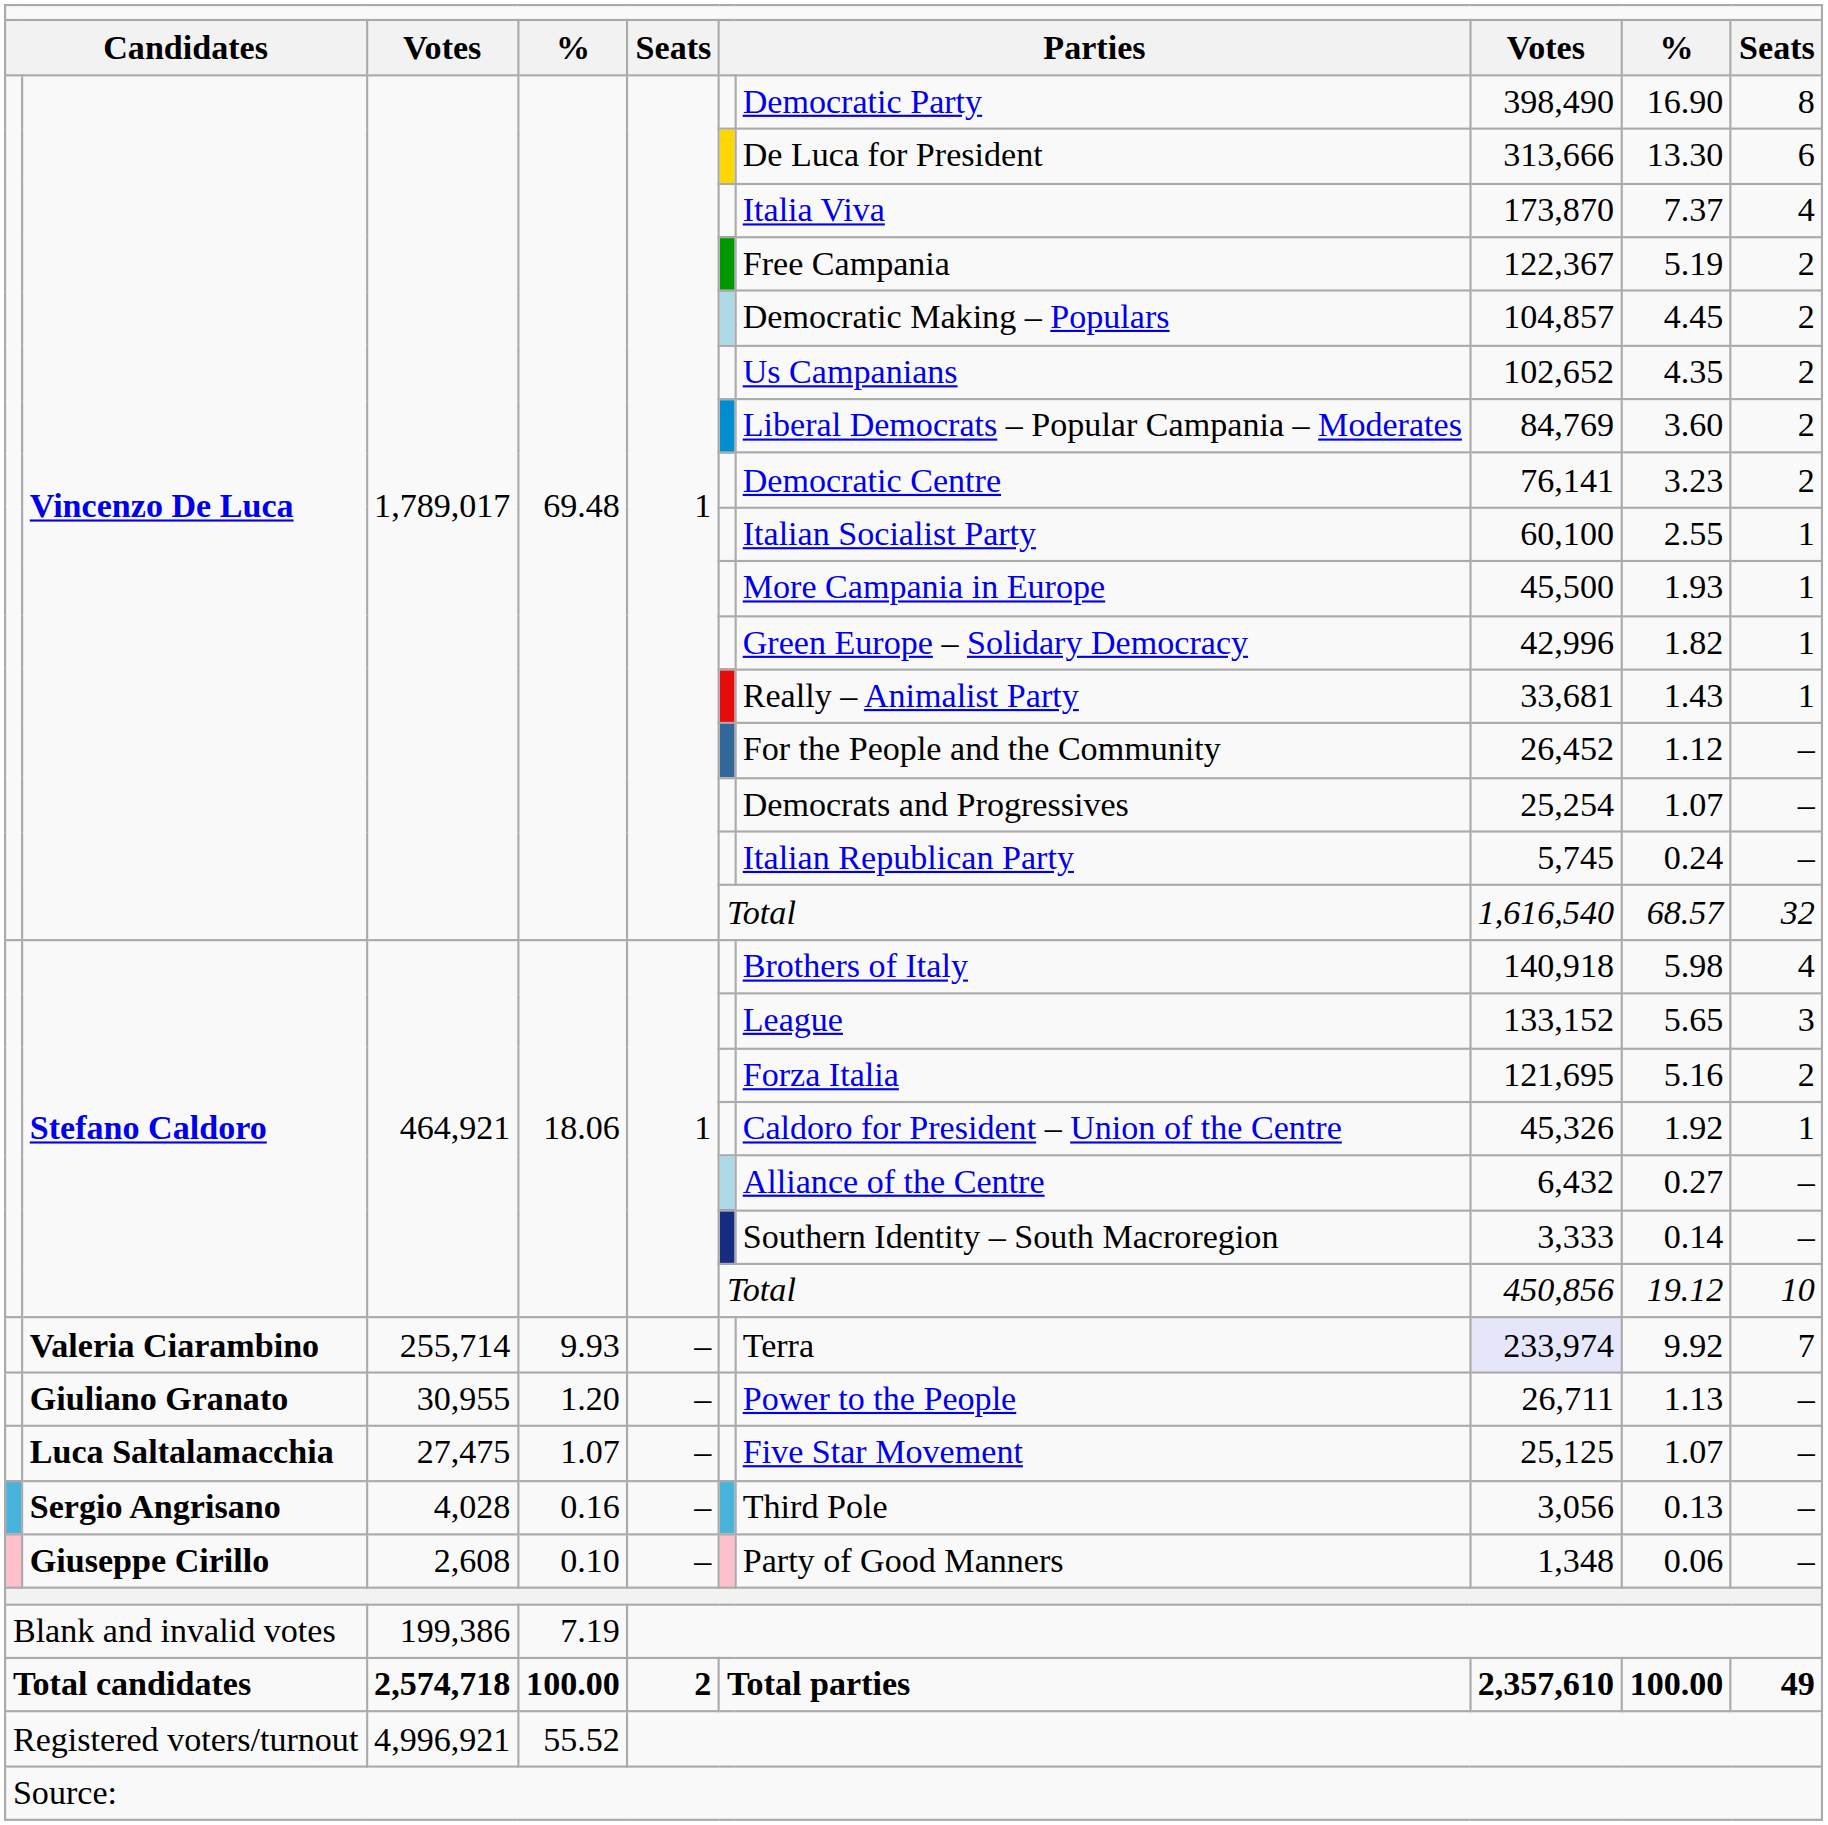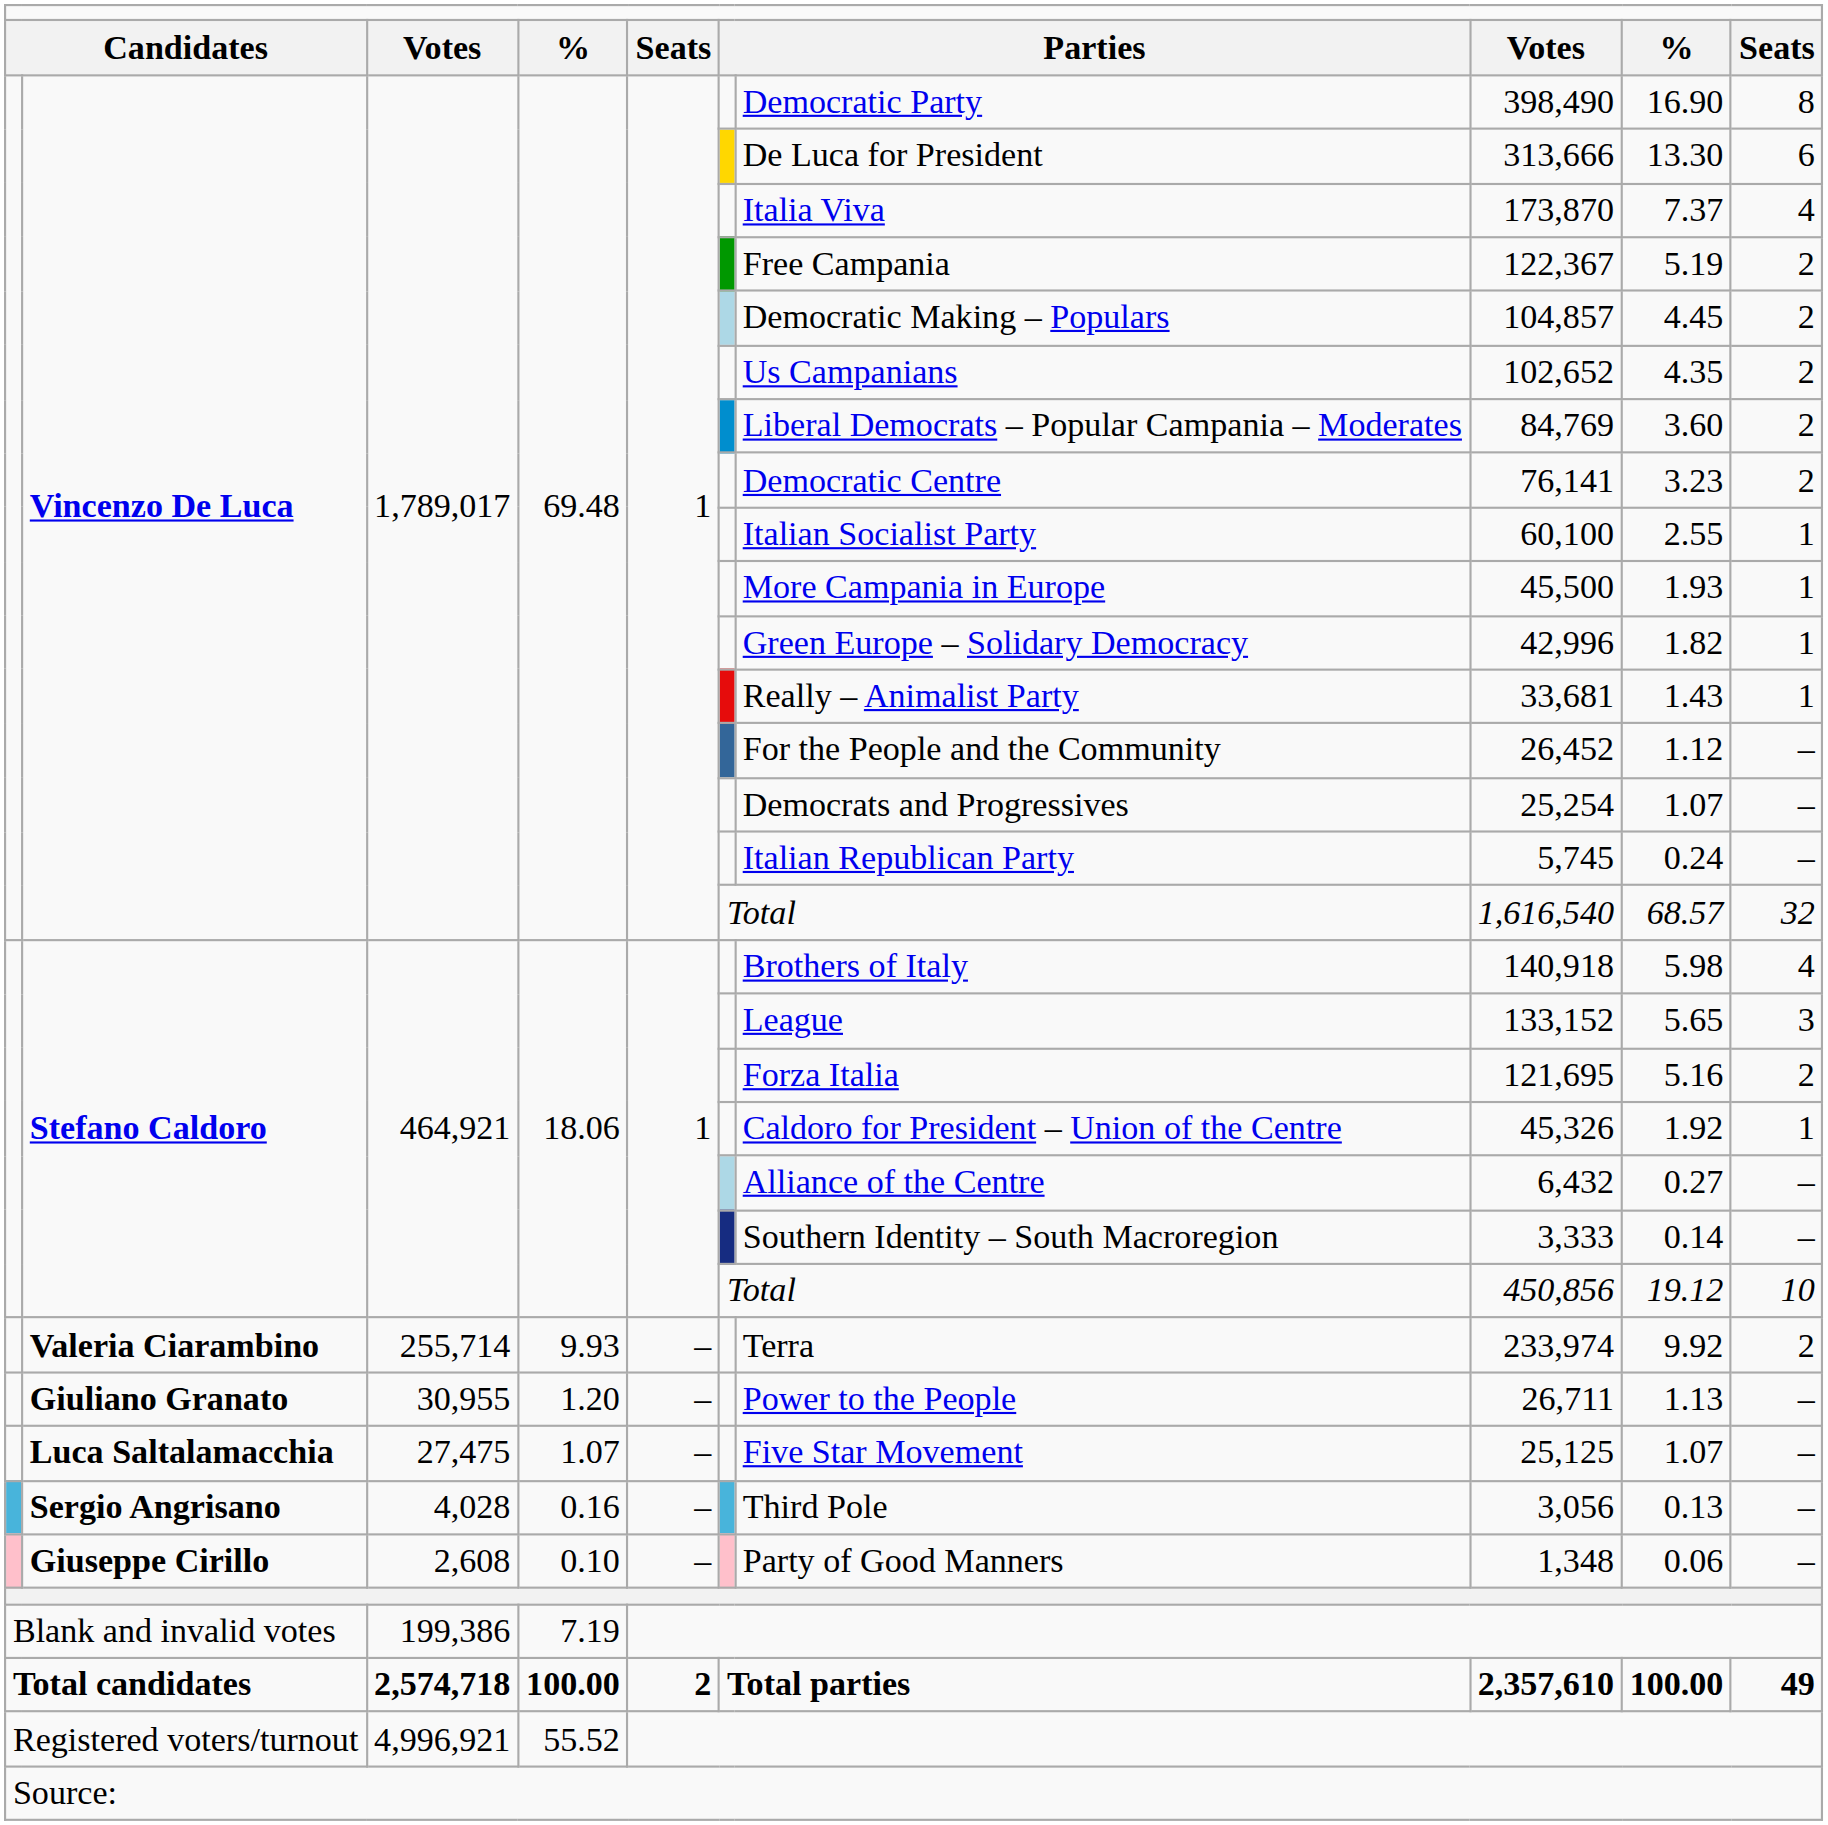 <table class="wikitable">
 <tr>
 <td colspan="10"></td>
 </tr>
 <tr>
 <th colspan="2">Candidates</th>
 <th>Votes</th>
 <th>%</th>
 <th>Seats</th>
 <th colspan="2">Parties</th>
 <th>Votes</th>
 <th>%</th>
 <th>Seats</th>
 </tr>
 <tr>
 <td rowspan="16"></td>
 <td rowspan="16"><strong><a href='#'>Vincenzo De Luca</a></strong></td>
 <td rowspan="16" align=right>1,789,017</td>
 <td rowspan="16" align=right>69.48</td>
 <td rowspan="16" align=right>1</td>
 <td></td>
 <td><a href='#'>Democratic Party</a></td>
 <td align=right>398,490</td>
 <td align=right>16.90</td>
 <td align=right>8</td>
 </tr>
 <tr>
 <td bgcolor="gold"></td>
 <td>De Luca for President</td>
 <td align=right>313,666</td>
 <td align=right>13.30</td>
 <td align=right>6</td>
 </tr>
 <tr>
 <td></td>
 <td><a href='#'>Italia Viva</a></td>
 <td align=right>173,870</td>
 <td align=right>7.37</td>
 <td align=right>4</td>
 </tr>
 <tr>
 <td style="background:#009800;"></td>
 <td>Free Campania</td>
 <td align=right>122,367</td>
 <td align=right>5.19</td>
 <td align=right>2</td>
 </tr>
 <tr>
 <td style="background:#ADD8E6;"></td>
 <td>Democratic Making – <a href='#'>Populars</a></td>
 <td align=right>104,857</td>
 <td align=right>4.45</td>
 <td align=right>2</td>
 </tr>
 <tr>
 <td></td>
 <td><a href='#'>Us Campanians</a></td>
 <td align=right>102,652</td>
 <td align=right>4.35</td>
 <td align=right>2</td>
 </tr>
 <tr>
 <td bgcolor="#008ECE"></td>
 <td><a href='#'>Liberal Democrats</a> – Popular Campania – <a href='#'>Moderates</a></td>
 <td align=right>84,769</td>
 <td align=right>3.60</td>
 <td align=right>2</td>
 </tr>
 <tr>
 <td></td>
 <td><a href='#'>Democratic Centre</a></td>
 <td align=right>76,141</td>
 <td align=right>3.23</td>
 <td align=right>2</td>
 </tr>
 <tr>
 <td></td>
 <td><a href='#'>Italian Socialist Party</a></td>
 <td align=right>60,100</td>
 <td align=right>2.55</td>
 <td align=right>1</td>
 </tr>
 <tr>
 <td></td>
 <td><a href='#'>More Campania in Europe</a></td>
 <td align=right>45,500</td>
 <td align=right>1.93</td>
 <td align=right>1</td>
 </tr>
 <tr>
 <td></td>
 <td><a href='#'>Green Europe</a> – <a href='#'>Solidary Democracy</a></td>
 <td align=right>42,996</td>
 <td align=right>1.82</td>
 <td align=right>1</td>
 </tr>
 <tr>
 <td bgcolor="#E60C0C"></td>
 <td>Really – <a href='#'>Animalist Party</a></td>
 <td align=right>33,681</td>
 <td align=right>1.43</td>
 <td align=right>1</td>
 </tr>
 <tr>
 <td bgcolor="#336699"></td>
 <td>For the People and the Community</td>
 <td align=right>26,452</td>
 <td align=right>1.12</td>
 <td align=right>–</td>
 </tr>
 <tr>
 <td></td>
 <td>Democrats and Progressives</td>
 <td align=right>25,254</td>
 <td align=right>1.07</td>
 <td align=right>–</td>
 </tr>
 <tr>
 <td></td>
 <td><a href='#'>Italian Republican Party</a></td>
 <td align=right>5,745</td>
 <td align=right>0.24</td>
 <td align=right>–</td>
 </tr>
 <tr>
 <td colspan=2><em>Total</em></td>
 <td align=right><em>1,616,540</em></td>
 <td align=right><em>68.57</em></td>
 <td align=right><em>32</em></td>
 </tr>
 <tr>
 <td rowspan="7"></td>
 <td rowspan="7"><strong><a href='#'>Stefano Caldoro</a></strong></td>
 <td rowspan="7" align="right">464,921</td>
 <td rowspan="7" align="right">18.06</td>
 <td rowspan="7" align="right">1</td>
 <td></td>
 <td><a href='#'>Brothers of Italy</a></td>
 <td align="right">140,918</td>
 <td align="right">5.98</td>
 <td align="right">4</td>
 </tr>
 <tr>
 <td></td>
 <td><a href='#'>League</a></td>
 <td align="right">133,152</td>
 <td align="right">5.65</td>
 <td align="right">3</td>
 </tr>
 <tr>
 <td></td>
 <td><a href='#'>Forza Italia</a></td>
 <td align="right">121,695</td>
 <td align="right">5.16</td>
 <td align="right">2</td>
 </tr>
 <tr>
 <td></td>
 <td><a href='#'>Caldoro for President</a> – <a href='#'>Union of the Centre</a></td>
 <td align="right">45,326</td>
 <td align="right">1.92</td>
 <td align="right">1</td>
 </tr>
 <tr>
 <td bgcolor="lightblue"></td>
 <td><a href='#'>Alliance of the Centre</a></td>
 <td align="right">6,432</td>
 <td align="right">0.27</td>
 <td align="right">–</td>
 </tr>
 <tr>
 <td bgcolor="#162C81"></td>
 <td>Southern Identity – South Macroregion</td>
 <td align="right">3,333</td>
 <td align="right">0.14</td>
 <td align="right">–</td>
 </tr>
 <tr>
 <td colspan="2"><em>Total</em></td>
 <td align="right"><em>450,856</em></td>
 <td align="right"><em>19.12</em></td>
 <td align="right"><em>10</em></td>
 </tr>
 <tr>
 <td rowspan="1"></td>
 <td rowspan="1"><strong>Valeria Ciarambino</strong></td>
 <td rowspan="1" align="right">255,714</td>
 <td rowspan="1" align="right">9.93</td>
 <td rowspan="1" align="right">–</td>
 <td></td>
 <td>Terra</td>
-<td align="right" style="background: lavender;">233,974</td>
+<td align="right">233,974</td>
 <td align="right">9.92</td>
-<td align="right">7</td>
+<td align=right>2</td>
 </tr>
 <tr>
 <td rowspan="1"></td>
 <td rowspan="1"><strong>Giuliano Granato</strong></td>
 <td rowspan="1" align="right">30,955</td>
 <td rowspan="1" align="right">1.20</td>
 <td rowspan="1" align="right">–</td>
 <td></td>
 <td><a href='#'>Power to the People</a></td>
 <td align="right">26,711</td>
 <td align="right">1.13</td>
 <td align="right">–</td>
 </tr>
 <tr>
 <td rowspan="1"></td>
 <td rowspan="1"><strong>Luca Saltalamacchia</strong></td>
 <td rowspan="1" align="right">27,475</td>
 <td rowspan="1" align="right">1.07</td>
 <td rowspan="1" align="right">–</td>
 <td></td>
 <td><a href='#'>Five Star Movement</a></td>
 <td align="right">25,125</td>
 <td align="right">1.07</td>
 <td align="right">–</td>
 </tr>
 <tr>
 <td rowspan="1" bgcolor="#48B4DB"></td>
 <td rowspan="1"><strong>Sergio Angrisano</strong></td>
 <td rowspan="1" align="right">4,028</td>
 <td rowspan="1" align="right">0.16</td>
 <td rowspan="1" align="right">–</td>
 <td bgcolor="#48B4DB"></td>
 <td>Third Pole</td>
 <td align="right">3,056</td>
 <td align="right">0.13</td>
 <td align="right">–</td>
 </tr>
 <tr>
 <td rowspan="1" bgcolor="#FFC0CB"></td>
 <td rowspan="1"><strong>Giuseppe Cirillo</strong></td>
 <td rowspan="1" align="right">2,608</td>
 <td rowspan="1" align="right">0.10</td>
 <td rowspan="1" align="right">–</td>
 <td bgcolor="#FFC0CB"></td>
 <td>Party of Good Manners</td>
 <td align="right">1,348</td>
 <td align="right">0.06</td>
 <td align="right">–</td>
 </tr>
 <tr>
 <th colspan="10"></th>
 </tr>
 <tr>
 <td colspan="2">Blank and invalid votes</td>
 <td align="right">199,386</td>
 <td align="right">7.19</td>
 <td colspan="7"></td>
 </tr>
 <tr>
 <td colspan="2"><strong>Total candidates</strong></td>
 <td align="right"><strong>2,574,718</strong></td>
 <td align="right"><strong>100.00</strong></td>
 <td align="right"><strong>2</strong></td>
 <td colspan="2"><strong>Total parties</strong></td>
 <td align="right"><strong>2,357,610</strong></td>
 <td align="right"><strong>100.00</strong></td>
 <td align="right"><strong>49</strong></td>
 </tr>
 <tr>
 <td colspan="2">Registered voters/turnout</td>
 <td align="right">4,996,921</td>
 <td align="right">55.52</td>
 <td colspan="7"></td>
 </tr>
 <tr>
 <td colspan="10">Source: </td>
 </tr>
 </table>
